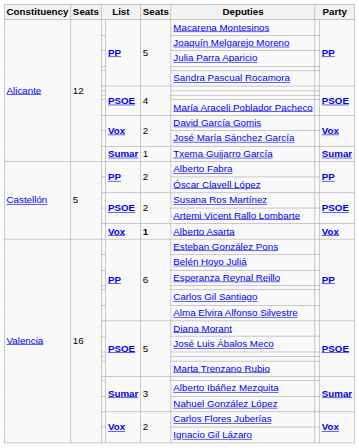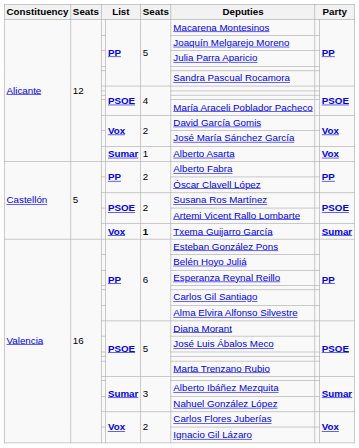 <table class="wikitable sortable">
 <tr>
 <th>Constituency</th>
 <th>Seats</th>
 <th colspan="2">List</th>
 <th>Seats</th>
 <th>Deputies</th>
 <th colspan="2">Party</th>
 </tr>
 <tr>
 <td rowspan="12"><a href='#'>Alicante</a></td>
 <td rowspan="12">12</td>
 <td></td>
 <td rowspan="5"><strong><a href='#'>PP</a></strong></td>
 <td rowspan="5">5</td>
 <td><a href='#'>Macarena Montesinos</a></td>
 <td></td>
 <td rowspan="5"><strong><a href='#'>PP</a></strong></td>
 </tr>
 <tr>
 <td></td>
 <td><a href='#'>Joaquín Melgarejo Moreno</a></td>
 <td></td>
 </tr>
 <tr>
 <td></td>
 <td><a href='#'>Julia Parra Aparicio</a></td>
 <td></td>
 </tr>
 <tr>
 <td></td>
 <td></td>
 <td></td>
 </tr>
 <tr>
 <td></td>
 <td><a href='#'>Sandra Pascual Rocamora</a></td>
 <td></td>
 </tr>
 <tr>
 <td></td>
 <td rowspan="4"><strong><a href='#'>PSOE</a></strong></td>
 <td rowspan="4">4</td>
 <td></td>
 <td></td>
 <td rowspan="4"><strong><a href='#'>PSOE</a></strong></td>
 </tr>
 <tr>
 <td></td>
 <td></td>
 <td></td>
 </tr>
 <tr>
 <td></td>
 <td></td>
 <td></td>
 </tr>
 <tr>
 <td></td>
 <td><a href='#'>María Araceli Poblador Pacheco</a></td>
 <td></td>
 </tr>
 <tr>
 <td></td>
 <td rowspan="2"><strong><a href='#'>Vox</a></strong></td>
 <td rowspan="2">2</td>
 <td><a href='#'>David García Gomis</a></td>
 <td></td>
 <td rowspan="2"><strong><a href='#'>Vox</a></strong></td>
 </tr>
 <tr>
 <td></td>
 <td><a href='#'>José María Sánchez García</a></td>
 <td></td>
 </tr>
 <tr>
 <td></td>
 <td><strong><a href='#'>Sumar</a></strong></td>
 <td>1</td>
-<td><a href='#'>Txema Guijarro García</a></td>
+<td><a href='#'>Alberto Asarta</a></td>
 <td></td>
-<td><strong><a href='#'>Sumar</a></strong></td>
+<td><strong><a href='#'>Vox</a></strong></td>
 </tr>
 <tr>
 <td rowspan="5"><a href='#'>Castellón</a></td>
 <td rowspan="5">5</td>
 <td></td>
 <td rowspan="2"><strong><a href='#'>PP</a></strong></td>
 <td rowspan="2">2</td>
 <td><a href='#'>Alberto Fabra</a></td>
 <td></td>
 <td rowspan="2"><strong><a href='#'>PP</a></strong></td>
 </tr>
 <tr>
 <td></td>
 <td><a href='#'>Óscar Clavell López</a></td>
 <td></td>
 </tr>
 <tr>
 <td></td>
 <td rowspan="2"><strong><a href='#'>PSOE</a></strong></td>
 <td rowspan="2">2</td>
 <td><a href='#'>Susana Ros Martínez</a></td>
 <td></td>
 <td rowspan="2"><strong><a href='#'>PSOE</a></strong></td>
 </tr>
 <tr>
 <td></td>
 <td><a href='#'>Artemi Vicent Rallo Lombarte</a></td>
 <td></td>
 </tr>
 <tr>
 <td></td>
 <td><strong><a href='#'>Vox</a></strong></td>
 <td><strong>1</strong></td>
-<td><a href='#'>Alberto Asarta</a></td>
+<td><a href='#'>Txema Guijarro García</a></td>
 <td></td>
-<td><strong><a href='#'>Vox</a></strong></td>
+<td><strong><a href='#'>Sumar</a></strong></td>
 </tr>
 <tr>
 <td rowspan="16"><a href='#'>Valencia</a></td>
 <td rowspan="16">16</td>
 <td></td>
 <td rowspan="6"><strong><a href='#'>PP</a></strong></td>
 <td rowspan="6">6</td>
 <td><a href='#'>Esteban González Pons</a></td>
 <td></td>
 <td rowspan="6"><strong><a href='#'>PP</a></strong></td>
 </tr>
 <tr>
 <td></td>
 <td><a href='#'>Belén Hoyo Juliá</a></td>
 <td></td>
 </tr>
 <tr>
 <td></td>
 <td><a href='#'>Esperanza Reynal Reillo</a></td>
 <td></td>
 </tr>
 <tr>
 <td></td>
 <td></td>
 <td></td>
 </tr>
 <tr>
 <td></td>
 <td><a href='#'>Carlos Gil Santiago</a></td>
 <td></td>
 </tr>
 <tr>
 <td></td>
 <td><a href='#'>Alma Elvira Alfonso Silvestre</a></td>
 <td></td>
 </tr>
 <tr>
 <td></td>
 <td rowspan="5"><strong><a href='#'>PSOE</a></strong></td>
 <td rowspan="5">5</td>
 <td><a href='#'>Diana Morant</a></td>
 <td></td>
 <td rowspan="5"><strong><a href='#'>PSOE</a></strong></td>
 </tr>
 <tr>
 <td></td>
 <td><a href='#'>José Luis Ábalos Meco</a></td>
 <td></td>
 </tr>
 <tr>
 <td></td>
 <td></td>
 <td></td>
 </tr>
 <tr>
 <td></td>
 <td></td>
 <td></td>
 </tr>
 <tr>
 <td></td>
 <td><a href='#'>Marta Trenzano Rubio</a></td>
 <td></td>
 </tr>
 <tr>
 <td></td>
 <td rowspan="3"><strong><a href='#'>Sumar</a></strong></td>
 <td rowspan="3">3</td>
 <td></td>
 <td></td>
 <td rowspan="3"><strong><a href='#'>Sumar</a></strong></td>
 </tr>
 <tr>
 <td></td>
 <td><a href='#'>Alberto Ibáñez Mezquita</a></td>
 <td></td>
 </tr>
 <tr>
 <td></td>
 <td><a href='#'>Nahuel González López</a></td>
 <td></td>
 </tr>
 <tr>
 <td></td>
 <td rowspan="2"><strong><a href='#'>Vox</a></strong></td>
 <td rowspan="2">2</td>
 <td><a href='#'>Carlos Flores Juberías</a></td>
 <td></td>
 <td rowspan="2"><strong><a href='#'>Vox</a></strong></td>
 </tr>
 <tr>
 <td></td>
 <td><a href='#'>Ignacio Gil Lázaro</a></td>
 <td></td>
 </tr>
 </table>
